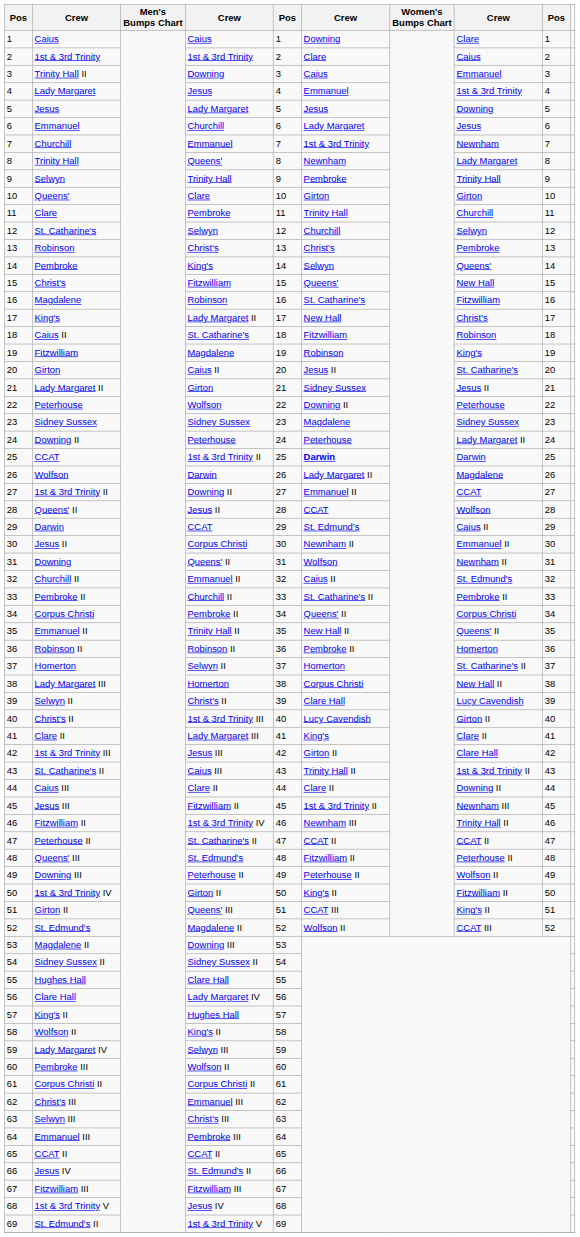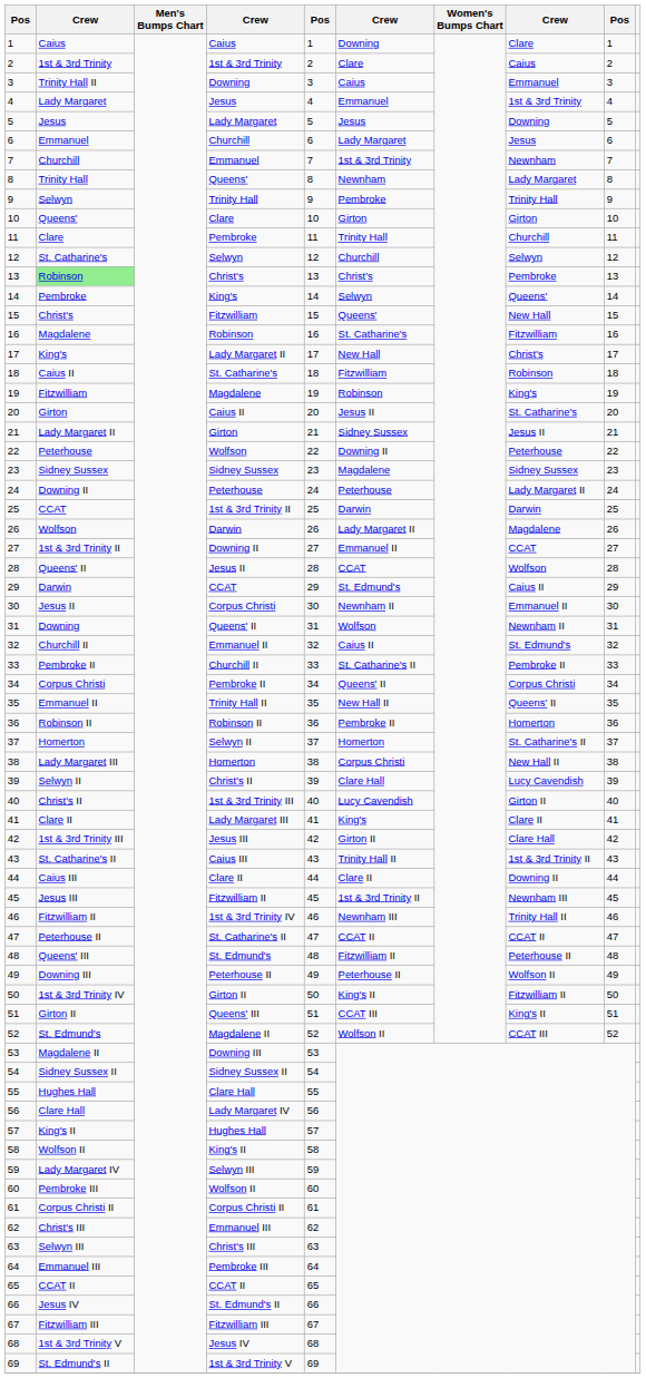 <table class="wikitable" style="font-size:88%; white-space:nowrap; margin:0.5em auto">
 <tr style="white-space:normal">
 <th width=35>Pos</th>
 <th width=125>Crew</th>
 <th width=90>Men's Bumps Chart</th>
 <th width=125>Crew</th>
 <th width=35>Pos</th>
 <th width=125>Crew</th>
 <th width=90>Women's Bumps Chart</th>
 <th width=125>Crew</th>
 <th width=35>Pos</th>
 </tr>
 <tr style="height:26px">
 <td>1</td>
 <td><a href='#'>Caius</a></td>
 <td rowspan="69" style="padding:0"></td>
 <td><a href='#'>Caius</a></td>
 <td>1</td>
 <td><a href='#'>Downing</a></td>
 <td rowspan="52" style="padding:0"></td>
 <td><a href='#'>Clare</a></td>
 <td>1</td>
 <td></td>
 </tr>
 <tr style="height:26px">
 <td>2</td>
 <td><a href='#'>1st & 3rd Trinity</a></td>
 <td><a href='#'>1st & 3rd Trinity</a></td>
 <td>2</td>
 <td><a href='#'>Clare</a></td>
 <td><a href='#'>Caius</a></td>
 <td>2</td>
 <td></td>
 </tr>
 <tr style="height:26px">
 <td>3</td>
 <td><a href='#'>Trinity Hall</a> II</td>
 <td><a href='#'>Downing</a></td>
 <td>3</td>
 <td><a href='#'>Caius</a></td>
 <td><a href='#'>Emmanuel</a></td>
 <td>3</td>
 <td></td>
 </tr>
 <tr style="height:26px">
 <td>4</td>
 <td><a href='#'>Lady Margaret</a></td>
 <td><a href='#'>Jesus</a></td>
 <td>4</td>
 <td><a href='#'>Emmanuel</a></td>
 <td><a href='#'>1st & 3rd Trinity</a></td>
 <td>4</td>
 <td></td>
 </tr>
 <tr style="height:26px">
 <td>5</td>
 <td><a href='#'>Jesus</a></td>
 <td><a href='#'>Lady Margaret</a></td>
 <td>5</td>
 <td><a href='#'>Jesus</a></td>
 <td><a href='#'>Downing</a></td>
 <td>5</td>
 <td></td>
 </tr>
 <tr style="height:26px">
 <td>6</td>
 <td><a href='#'>Emmanuel</a></td>
 <td><a href='#'>Churchill</a></td>
 <td>6</td>
 <td><a href='#'>Lady Margaret</a></td>
 <td><a href='#'>Jesus</a></td>
 <td>6</td>
 <td></td>
 </tr>
 <tr style="height:26px">
 <td>7</td>
 <td><a href='#'>Churchill</a></td>
 <td><a href='#'>Emmanuel</a></td>
 <td>7</td>
 <td><a href='#'>1st & 3rd Trinity</a></td>
 <td><a href='#'>Newnham</a></td>
 <td>7</td>
 <td></td>
 </tr>
 <tr style="height:26px">
 <td>8</td>
 <td><a href='#'>Trinity Hall</a></td>
 <td><a href='#'>Queens'</a></td>
 <td>8</td>
 <td><a href='#'>Newnham</a></td>
 <td><a href='#'>Lady Margaret</a></td>
 <td>8</td>
 <td></td>
 </tr>
 <tr style="height:26px">
 <td>9</td>
 <td><a href='#'>Selwyn</a></td>
 <td><a href='#'>Trinity Hall</a></td>
 <td>9</td>
 <td><a href='#'>Pembroke</a></td>
 <td><a href='#'>Trinity Hall</a></td>
 <td>9</td>
 <td></td>
 </tr>
 <tr style="height:26px">
 <td>10</td>
 <td><a href='#'>Queens'</a></td>
 <td><a href='#'>Clare</a></td>
 <td>10</td>
 <td><a href='#'>Girton</a></td>
 <td><a href='#'>Girton</a></td>
 <td>10</td>
 <td></td>
 </tr>
 <tr style="height:26px">
 <td>11</td>
 <td><a href='#'>Clare</a></td>
 <td><a href='#'>Pembroke</a></td>
 <td>11</td>
 <td><a href='#'>Trinity Hall</a></td>
 <td><a href='#'>Churchill</a></td>
 <td>11</td>
 <td></td>
 </tr>
 <tr style="height:26px">
 <td>12</td>
 <td><a href='#'>St. Catharine's</a></td>
 <td><a href='#'>Selwyn</a></td>
 <td>12</td>
 <td><a href='#'>Churchill</a></td>
 <td><a href='#'>Selwyn</a></td>
 <td>12</td>
 <td></td>
 </tr>
 <tr style="height:26px">
 <td>13</td>
-<td><a href='#'>Robinson</a></td>
+<td style="background: lightgreen;"><a href='#'>Robinson</a></td>
 <td><a href='#'>Christ's</a></td>
 <td>13</td>
 <td><a href='#'>Christ's</a></td>
 <td><a href='#'>Pembroke</a></td>
 <td>13</td>
 <td></td>
 </tr>
 <tr style="height:26px">
 <td>14</td>
 <td><a href='#'>Pembroke</a></td>
 <td><a href='#'>King's</a></td>
 <td>14</td>
 <td><a href='#'>Selwyn</a></td>
 <td><a href='#'>Queens'</a></td>
 <td>14</td>
 <td></td>
 </tr>
 <tr style="height:26px">
 <td>15</td>
 <td><a href='#'>Christ's</a></td>
 <td><a href='#'>Fitzwilliam</a></td>
 <td>15</td>
 <td><a href='#'>Queens'</a></td>
 <td><a href='#'>New Hall</a></td>
 <td>15</td>
 <td></td>
 </tr>
 <tr style="height:26px">
 <td>16</td>
 <td><a href='#'>Magdalene</a></td>
 <td><a href='#'>Robinson</a></td>
 <td>16</td>
 <td><a href='#'>St. Catharine's</a></td>
 <td><a href='#'>Fitzwilliam</a></td>
 <td>16</td>
 <td></td>
 </tr>
 <tr style="height:26px">
 <td>17</td>
 <td><a href='#'>King's</a></td>
 <td><a href='#'>Lady Margaret</a> II</td>
 <td>17</td>
 <td><a href='#'>New Hall</a></td>
 <td><a href='#'>Christ's</a></td>
 <td>17</td>
 <td></td>
 </tr>
 <tr style="height:26px">
 <td>18</td>
 <td><a href='#'>Caius</a> II</td>
 <td><a href='#'>St. Catharine's</a></td>
 <td>18</td>
 <td><a href='#'>Fitzwilliam</a></td>
 <td><a href='#'>Robinson</a></td>
 <td>18</td>
 <td></td>
 </tr>
 <tr style="height:26px">
 <td>19</td>
 <td><a href='#'>Fitzwilliam</a></td>
 <td><a href='#'>Magdalene</a></td>
 <td>19</td>
 <td><a href='#'>Robinson</a></td>
 <td><a href='#'>King's</a></td>
 <td>19</td>
 <td></td>
 </tr>
 <tr style="height:26px">
 <td>20</td>
 <td><a href='#'>Girton</a></td>
 <td><a href='#'>Caius</a> II</td>
 <td>20</td>
 <td><a href='#'>Jesus</a> II</td>
 <td><a href='#'>St. Catharine's</a></td>
 <td>20</td>
 <td></td>
 </tr>
 <tr style="height:26px">
 <td>21</td>
 <td><a href='#'>Lady Margaret</a> II</td>
 <td><a href='#'>Girton</a></td>
 <td>21</td>
 <td><a href='#'>Sidney Sussex</a></td>
 <td><a href='#'>Jesus</a> II</td>
 <td>21</td>
 <td></td>
 </tr>
 <tr style="height:26px">
 <td>22</td>
 <td><a href='#'>Peterhouse</a></td>
 <td><a href='#'>Wolfson</a></td>
 <td>22</td>
 <td><a href='#'>Downing</a> II</td>
 <td><a href='#'>Peterhouse</a></td>
 <td>22</td>
 <td></td>
 </tr>
 <tr style="height:26px">
 <td>23</td>
 <td><a href='#'>Sidney Sussex</a></td>
 <td><a href='#'>Sidney Sussex</a></td>
 <td>23</td>
 <td><a href='#'>Magdalene</a></td>
 <td><a href='#'>Sidney Sussex</a></td>
 <td>23</td>
 <td></td>
 </tr>
 <tr style="height:26px">
 <td>24</td>
 <td><a href='#'>Downing</a> II</td>
 <td><a href='#'>Peterhouse</a></td>
 <td>24</td>
 <td><a href='#'>Peterhouse</a></td>
 <td><a href='#'>Lady Margaret</a> II</td>
 <td>24</td>
 <td></td>
 </tr>
 <tr style="height:26px">
 <td>25</td>
 <td><a href='#'>CCAT</a></td>
 <td><a href='#'>1st & 3rd Trinity</a> II</td>
 <td>25</td>
-<td><strong><a href='#'>Darwin</a></strong></td>
+<td><a href='#'>Darwin</a></td>
 <td><a href='#'>Darwin</a></td>
 <td>25</td>
 <td></td>
 </tr>
 <tr style="height:26px">
 <td>26</td>
 <td><a href='#'>Wolfson</a></td>
 <td><a href='#'>Darwin</a></td>
 <td>26</td>
 <td><a href='#'>Lady Margaret</a> II</td>
 <td><a href='#'>Magdalene</a></td>
 <td>26</td>
 <td></td>
 </tr>
 <tr style="height:26px">
 <td>27</td>
 <td><a href='#'>1st & 3rd Trinity</a> II</td>
 <td><a href='#'>Downing</a> II</td>
 <td>27</td>
 <td><a href='#'>Emmanuel</a> II</td>
 <td><a href='#'>CCAT</a></td>
 <td>27</td>
 <td></td>
 </tr>
 <tr style="height:26px">
 <td>28</td>
 <td><a href='#'>Queens'</a> II</td>
 <td><a href='#'>Jesus</a> II</td>
 <td>28</td>
 <td><a href='#'>CCAT</a></td>
 <td><a href='#'>Wolfson</a></td>
 <td>28</td>
 <td></td>
 </tr>
 <tr style="height:26px">
 <td>29</td>
 <td><a href='#'>Darwin</a></td>
 <td><a href='#'>CCAT</a></td>
 <td>29</td>
 <td><a href='#'>St. Edmund's</a></td>
 <td><a href='#'>Caius</a> II</td>
 <td>29</td>
 <td></td>
 </tr>
 <tr style="height:26px">
 <td>30</td>
 <td><a href='#'>Jesus</a> II</td>
 <td><a href='#'>Corpus Christi</a></td>
 <td>30</td>
 <td><a href='#'>Newnham</a> II</td>
 <td><a href='#'>Emmanuel</a> II</td>
 <td>30</td>
 <td></td>
 </tr>
 <tr style="height:26px">
 <td>31</td>
 <td><a href='#'>Downing</a></td>
 <td><a href='#'>Queens'</a> II</td>
 <td>31</td>
 <td><a href='#'>Wolfson</a></td>
 <td><a href='#'>Newnham</a> II</td>
 <td>31</td>
 <td></td>
 </tr>
 <tr style="height:26px">
 <td>32</td>
 <td><a href='#'>Churchill</a> II</td>
 <td><a href='#'>Emmanuel</a> II</td>
 <td>32</td>
 <td><a href='#'>Caius</a> II</td>
 <td><a href='#'>St. Edmund's</a></td>
 <td>32</td>
 <td></td>
 </tr>
 <tr style="height:26px">
 <td>33</td>
 <td><a href='#'>Pembroke</a> II</td>
 <td><a href='#'>Churchill</a> II</td>
 <td>33</td>
 <td><a href='#'>St. Catharine's</a> II</td>
 <td><a href='#'>Pembroke</a> II</td>
 <td>33</td>
 <td></td>
 </tr>
 <tr style="height:26px">
 <td>34</td>
 <td><a href='#'>Corpus Christi</a></td>
 <td><a href='#'>Pembroke</a> II</td>
 <td>34</td>
 <td><a href='#'>Queens'</a> II</td>
 <td><a href='#'>Corpus Christi</a></td>
 <td>34</td>
 <td></td>
 </tr>
 <tr style="height:26px">
 <td>35</td>
 <td><a href='#'>Emmanuel</a> II</td>
 <td><a href='#'>Trinity Hall</a> II</td>
 <td>35</td>
 <td><a href='#'>New Hall</a> II</td>
 <td><a href='#'>Queens'</a> II</td>
 <td>35</td>
 <td></td>
 </tr>
 <tr style="height:26px">
 <td>36</td>
 <td><a href='#'>Robinson</a> II</td>
 <td><a href='#'>Robinson</a> II</td>
 <td>36</td>
 <td><a href='#'>Pembroke</a> II</td>
 <td><a href='#'>Homerton</a></td>
 <td>36</td>
 <td></td>
 </tr>
 <tr style="height:26px">
 <td>37</td>
 <td><a href='#'>Homerton</a></td>
 <td><a href='#'>Selwyn</a> II</td>
 <td>37</td>
 <td><a href='#'>Homerton</a></td>
 <td><a href='#'>St. Catharine's</a> II</td>
 <td>37</td>
 <td></td>
 </tr>
 <tr style="height:26px">
 <td>38</td>
 <td><a href='#'>Lady Margaret</a> III</td>
 <td><a href='#'>Homerton</a></td>
 <td>38</td>
 <td><a href='#'>Corpus Christi</a></td>
 <td><a href='#'>New Hall</a> II</td>
 <td>38</td>
 <td></td>
 </tr>
 <tr style="height:26px">
 <td>39</td>
 <td><a href='#'>Selwyn</a> II</td>
 <td><a href='#'>Christ's</a> II</td>
 <td>39</td>
 <td><a href='#'>Clare Hall</a></td>
 <td><a href='#'>Lucy Cavendish</a></td>
 <td>39</td>
 <td></td>
 </tr>
 <tr style="height:26px">
 <td>40</td>
 <td><a href='#'>Christ's</a> II</td>
 <td><a href='#'>1st & 3rd Trinity</a> III</td>
 <td>40</td>
 <td><a href='#'>Lucy Cavendish</a></td>
 <td><a href='#'>Girton</a> II</td>
 <td>40</td>
 <td></td>
 </tr>
 <tr style="height:26px">
 <td>41</td>
 <td><a href='#'>Clare</a> II</td>
 <td><a href='#'>Lady Margaret</a> III</td>
 <td>41</td>
 <td><a href='#'>King's</a></td>
 <td><a href='#'>Clare</a> II</td>
 <td>41</td>
 <td></td>
 </tr>
 <tr style="height:26px">
 <td>42</td>
 <td><a href='#'>1st & 3rd Trinity</a> III</td>
 <td><a href='#'>Jesus</a> III</td>
 <td>42</td>
 <td><a href='#'>Girton</a> II</td>
 <td><a href='#'>Clare Hall</a></td>
 <td>42</td>
 <td></td>
 </tr>
 <tr style="height:26px">
 <td>43</td>
 <td><a href='#'>St. Catharine's</a> II</td>
 <td><a href='#'>Caius</a> III</td>
 <td>43</td>
 <td><a href='#'>Trinity Hall</a> II</td>
 <td><a href='#'>1st & 3rd Trinity</a> II</td>
 <td>43</td>
 <td></td>
 </tr>
 <tr style="height:26px">
 <td>44</td>
 <td><a href='#'>Caius</a> III</td>
 <td><a href='#'>Clare</a> II</td>
 <td>44</td>
 <td><a href='#'>Clare</a> II</td>
 <td><a href='#'>Downing</a> II</td>
 <td>44</td>
 <td></td>
 </tr>
 <tr style="height:26px">
 <td>45</td>
 <td><a href='#'>Jesus</a> III</td>
 <td><a href='#'>Fitzwilliam</a> II</td>
 <td>45</td>
 <td><a href='#'>1st & 3rd Trinity</a> II</td>
 <td><a href='#'>Newnham</a> III</td>
 <td>45</td>
 <td></td>
 </tr>
 <tr style="height:26px">
 <td>46</td>
 <td><a href='#'>Fitzwilliam</a> II</td>
 <td><a href='#'>1st & 3rd Trinity</a> IV</td>
 <td>46</td>
 <td><a href='#'>Newnham</a> III</td>
 <td><a href='#'>Trinity Hall</a> II</td>
 <td>46</td>
 <td></td>
 </tr>
 <tr style="height:26px">
 <td>47</td>
 <td><a href='#'>Peterhouse</a> II</td>
 <td><a href='#'>St. Catharine's</a> II</td>
 <td>47</td>
 <td><a href='#'>CCAT</a> II</td>
 <td><a href='#'>CCAT</a> II</td>
 <td>47</td>
 <td></td>
 </tr>
 <tr style="height:26px">
 <td>48</td>
 <td><a href='#'>Queens'</a> III</td>
 <td><a href='#'>St. Edmund's</a></td>
 <td>48</td>
 <td><a href='#'>Fitzwilliam</a> II</td>
 <td><a href='#'>Peterhouse</a> II</td>
 <td>48</td>
 <td></td>
 </tr>
 <tr style="height:26px">
 <td>49</td>
 <td><a href='#'>Downing</a> III</td>
 <td><a href='#'>Peterhouse</a> II</td>
 <td>49</td>
 <td><a href='#'>Peterhouse</a> II</td>
 <td><a href='#'>Wolfson</a> II</td>
 <td>49</td>
 <td></td>
 </tr>
 <tr style="height:26px">
 <td>50</td>
 <td><a href='#'>1st & 3rd Trinity</a> IV</td>
 <td><a href='#'>Girton</a> II</td>
 <td>50</td>
 <td><a href='#'>King's</a> II</td>
 <td><a href='#'>Fitzwilliam</a> II</td>
 <td>50</td>
 <td></td>
 </tr>
 <tr style="height:26px">
 <td>51</td>
 <td><a href='#'>Girton</a> II</td>
 <td><a href='#'>Queens'</a> III</td>
 <td>51</td>
 <td><a href='#'>CCAT</a> III</td>
 <td><a href='#'>King's</a> II</td>
 <td>51</td>
 <td></td>
 </tr>
 <tr style="height:26px">
 <td>52</td>
 <td><a href='#'>St. Edmund's</a></td>
 <td><a href='#'>Magdalene</a> II</td>
 <td>52</td>
 <td><a href='#'>Wolfson</a> II</td>
 <td><a href='#'>CCAT</a> III</td>
 <td>52</td>
 <td></td>
 </tr>
 <tr style="height:26px">
 <td>53</td>
 <td><a href='#'>Magdalene</a> II</td>
 <td><a href='#'>Downing</a> III</td>
 <td>53</td>
 <td colspan="4" rowspan="17"> </td>
 <td></td>
 </tr>
 <tr style="height:26px">
 <td>54</td>
 <td><a href='#'>Sidney Sussex</a> II</td>
 <td><a href='#'>Sidney Sussex</a> II</td>
 <td>54</td>
 <td></td>
 </tr>
 <tr style="height:26px">
 <td>55</td>
 <td><a href='#'>Hughes Hall</a></td>
 <td><a href='#'>Clare Hall</a></td>
 <td>55</td>
 <td></td>
 </tr>
 <tr style="height:26px">
 <td>56</td>
 <td><a href='#'>Clare Hall</a></td>
 <td><a href='#'>Lady Margaret</a> IV</td>
 <td>56</td>
 <td></td>
 </tr>
 <tr style="height:26px">
 <td>57</td>
 <td><a href='#'>King's</a> II</td>
 <td><a href='#'>Hughes Hall</a></td>
 <td>57</td>
 <td></td>
 </tr>
 <tr style="height:26px">
 <td>58</td>
 <td><a href='#'>Wolfson</a> II</td>
 <td><a href='#'>King's</a> II</td>
 <td>58</td>
 <td></td>
 </tr>
 <tr style="height:26px">
 <td>59</td>
 <td><a href='#'>Lady Margaret</a> IV</td>
 <td><a href='#'>Selwyn</a> III</td>
 <td>59</td>
 <td></td>
 </tr>
 <tr style="height:26px">
 <td>60</td>
 <td><a href='#'>Pembroke</a> III</td>
 <td><a href='#'>Wolfson</a> II</td>
 <td>60</td>
 <td></td>
 </tr>
 <tr style="height:26px">
 <td>61</td>
 <td><a href='#'>Corpus Christi</a> II</td>
 <td><a href='#'>Corpus Christi</a> II</td>
 <td>61</td>
 <td></td>
 </tr>
 <tr style="height:26px">
 <td>62</td>
 <td><a href='#'>Christ's</a> III</td>
 <td><a href='#'>Emmanuel</a> III</td>
 <td>62</td>
 <td></td>
 </tr>
 <tr style="height:26px">
 <td>63</td>
 <td><a href='#'>Selwyn</a> III</td>
 <td><a href='#'>Christ's</a> III</td>
 <td>63</td>
 <td></td>
 </tr>
 <tr style="height:26px">
 <td>64</td>
 <td><a href='#'>Emmanuel</a> III</td>
 <td><a href='#'>Pembroke</a> III</td>
 <td>64</td>
 <td></td>
 </tr>
 <tr style="height:26px">
 <td>65</td>
 <td><a href='#'>CCAT</a> II</td>
 <td><a href='#'>CCAT</a> II</td>
 <td>65</td>
 <td></td>
 </tr>
 <tr style="height:26px">
 <td>66</td>
 <td><a href='#'>Jesus</a> IV</td>
 <td><a href='#'>St. Edmund's</a> II</td>
 <td>66</td>
 <td></td>
 </tr>
 <tr style="height:26px">
 <td>67</td>
 <td><a href='#'>Fitzwilliam</a> III</td>
 <td><a href='#'>Fitzwilliam</a> III</td>
 <td>67</td>
 <td></td>
 </tr>
 <tr style="height:26px">
 <td>68</td>
 <td><a href='#'>1st & 3rd Trinity</a> V</td>
 <td><a href='#'>Jesus</a> IV</td>
 <td>68</td>
 <td></td>
 </tr>
 <tr style="height:26px">
 <td>69</td>
 <td><a href='#'>St. Edmund's</a> II</td>
 <td><a href='#'>1st & 3rd Trinity</a> V</td>
 <td>69</td>
 <td></td>
 </tr>
 <tr>
 </tr>
 </table>
